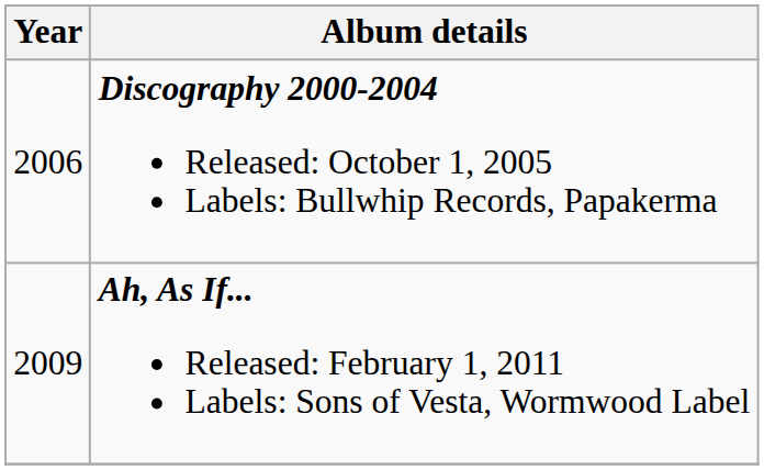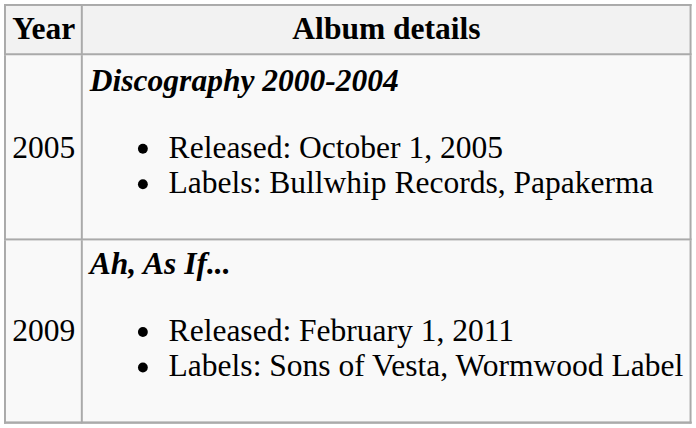 <table class ="wikitable">
 <tr>
 <th rowspan="1">Year</th>
 <th rowspan="1">Album details</th>
 </tr>
 <tr>
-<td>2006</td>
+<td>2005</td>
 <td><strong><em>Discography 2000-2004</em></strong><br><ul><li>Released: October 1, 2005</li><li>Labels: Bullwhip Records, Papakerma</li></ul></td>
 </tr>
 <tr>
 <td>2009</td>
 <td><strong><em>Ah, As If...</em></strong><br><ul><li>Released: February 1, 2011</li><li>Labels: Sons of Vesta, Wormwood Label</li></ul></td>
 </tr>
 <tr>
 </tr>
 </table>
